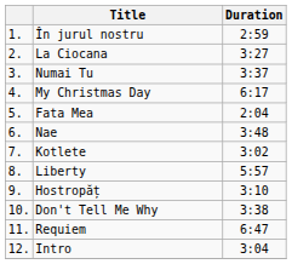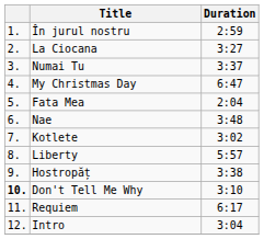 <table class="wikitable">
 <tr>
 <th></th>
 <th width="200">Title</th>
 <th>Duration</th>
 </tr>
 <tr>
 <td>1.</td>
 <td>În jurul nostru</td>
 <td align="center">2:59</td>
 </tr>
 <tr>
 <td>2.</td>
 <td>La Ciocana</td>
 <td align="center">3:27</td>
 </tr>
 <tr>
 <td>3.</td>
 <td>Numai Tu</td>
 <td align="center">3:37</td>
 </tr>
 <tr>
 <td>4.</td>
 <td>My Christmas Day</td>
-<td align="center">6:17</td>
+<td align="center">6:47</td>
 </tr>
 <tr>
 <td>5.</td>
 <td>Fata Mea</td>
 <td align="center">2:04</td>
 </tr>
 <tr>
 <td>6.</td>
 <td>Nae</td>
 <td align="center">3:48</td>
 </tr>
 <tr>
 <td>7.</td>
 <td>Kotlete</td>
 <td align="center">3:02</td>
 </tr>
 <tr>
 <td>8.</td>
 <td>Liberty</td>
 <td align="center">5:57</td>
 </tr>
 <tr>
 <td>9.</td>
 <td>Hostropăț</td>
-<td align="center">3:10</td>
+<td align="center">3:38</td>
 </tr>
 <tr>
-<td>10.</td>
+<td><strong>10.</strong></td>
 <td>Don't Tell Me Why</td>
-<td align="center">3:38</td>
+<td align="center">3:10</td>
 </tr>
 <tr>
 <td>11.</td>
 <td>Requiem</td>
-<td align="center">6:47</td>
+<td align="center">6:17</td>
 </tr>
 <tr>
 <td>12.</td>
 <td>Intro</td>
 <td align="center">3:04</td>
 </tr>
 <tr>
 </tr>
 </table>
